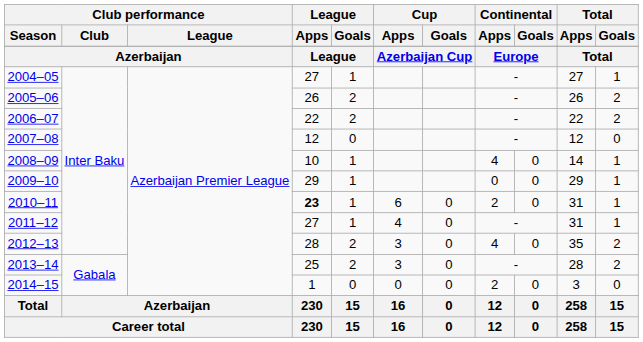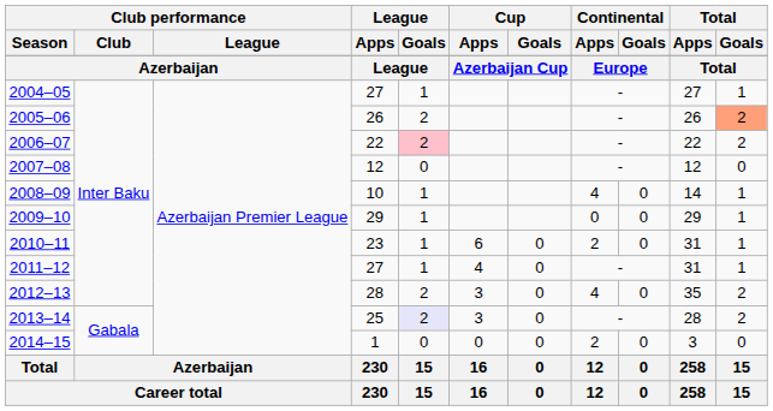 <table class="wikitable" style="text-align:center">
 <tr>
 <th colspan=3>Club performance</th>
 <th colspan=2>League</th>
 <th colspan=2>Cup</th>
 <th colspan=2>Continental</th>
 <th colspan=2>Total</th>
 </tr>
 <tr>
 <th>Season</th>
 <th>Club</th>
 <th>League</th>
 <th>Apps</th>
 <th>Goals</th>
 <th>Apps</th>
 <th>Goals</th>
 <th>Apps</th>
 <th>Goals</th>
 <th>Apps</th>
 <th>Goals</th>
 </tr>
 <tr>
 </tr>
 <tr>
 <th colspan=3>Azerbaijan</th>
 <th colspan=2>League</th>
 <th colspan=2><a href='#'>Azerbaijan Cup</a></th>
 <th colspan=2><a href='#'>Europe</a></th>
 <th colspan=2>Total</th>
 </tr>
 <tr>
 <td><a href='#'>2004–05</a></td>
 <td rowspan="9"><a href='#'>Inter Baku</a></td>
 <td rowspan="11"><a href='#'>Azerbaijan Premier League</a></td>
 <td>27</td>
 <td>1</td>
 <td></td>
 <td></td>
 <td colspan="2">-</td>
 <td>27</td>
 <td>1</td>
 </tr>
 <tr>
 <td><a href='#'>2005–06</a></td>
 <td>26</td>
 <td>2</td>
 <td></td>
 <td></td>
 <td colspan="2">-</td>
 <td>26</td>
-<td>2</td>
+<td style="background: lightsalmon;">2</td>
 </tr>
 <tr>
 <td><a href='#'>2006–07</a></td>
 <td>22</td>
-<td>2</td>
+<td style="background: pink;">2</td>
 <td></td>
 <td></td>
 <td colspan="2">-</td>
 <td>22</td>
 <td>2</td>
 </tr>
 <tr>
 <td><a href='#'>2007–08</a></td>
 <td>12</td>
 <td>0</td>
 <td></td>
 <td></td>
 <td colspan="2">-</td>
 <td>12</td>
 <td>0</td>
 </tr>
 <tr>
 <td><a href='#'>2008–09</a></td>
 <td>10</td>
 <td>1</td>
 <td></td>
 <td></td>
 <td>4</td>
 <td>0</td>
 <td>14</td>
 <td>1</td>
 </tr>
 <tr>
 <td><a href='#'>2009–10</a></td>
 <td>29</td>
 <td>1</td>
 <td></td>
 <td></td>
 <td>0</td>
 <td>0</td>
 <td>29</td>
 <td>1</td>
 </tr>
 <tr>
 <td><a href='#'>2010–11</a></td>
-<td><strong>23</strong></td>
+<td>23</td>
 <td>1</td>
 <td>6</td>
 <td>0</td>
 <td>2</td>
 <td>0</td>
 <td>31</td>
 <td>1</td>
 </tr>
 <tr>
 <td><a href='#'>2011–12</a></td>
 <td>27</td>
 <td>1</td>
 <td>4</td>
 <td>0</td>
 <td colspan="2">-</td>
 <td>31</td>
 <td>1</td>
 </tr>
 <tr>
 <td><a href='#'>2012–13</a></td>
 <td>28</td>
 <td>2</td>
 <td>3</td>
 <td>0</td>
 <td>4</td>
 <td>0</td>
 <td>35</td>
 <td>2</td>
 </tr>
 <tr>
 <td><a href='#'>2013–14</a></td>
 <td rowspan="2"><a href='#'>Gabala</a></td>
 <td>25</td>
-<td>2</td>
+<td style="background: lavender;">2</td>
 <td>3</td>
 <td>0</td>
 <td colspan="2">-</td>
 <td>28</td>
 <td>2</td>
 </tr>
 <tr>
 <td><a href='#'>2014–15</a></td>
 <td>1</td>
 <td>0</td>
 <td>0</td>
 <td>0</td>
 <td>2</td>
 <td>0</td>
 <td>3</td>
 <td>0</td>
 </tr>
 <tr>
 <th rowspan=1>Total</th>
 <th colspan=2>Azerbaijan</th>
 <th>230</th>
 <th>15</th>
 <th>16</th>
 <th>0</th>
 <th>12</th>
 <th>0</th>
 <th>258</th>
 <th>15</th>
 </tr>
 <tr>
 <th colspan=3>Career total</th>
 <th>230</th>
 <th>15</th>
 <th>16</th>
 <th>0</th>
 <th>12</th>
 <th>0</th>
 <th>258</th>
 <th>15</th>
 </tr>
 </table>
